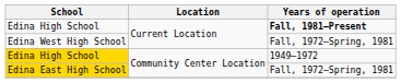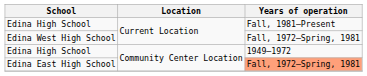 <table class="wikitable" style="margin: 1em auto 1em auto">
 <tr>
 <th>School</th>
 <th>Location</th>
 <th>Years of operation</th>
 </tr>
 <tr>
 <td>Edina High School</td>
 <td rowspan="2">Current Location</td>
-<td><strong>Fall, 1981–Present</strong></td>
+<td>Fall, 1981–Present</td>
 </tr>
 <tr>
 <td>Edina West High School</td>
 <td>Fall, 1972–Spring, 1981</td>
 </tr>
 <tr>
-<td style="background: gold;">Edina High School</td>
+<td>Edina High School</td>
 <td rowspan="2">Community Center Location</td>
 <td>1949–1972</td>
 </tr>
 <tr>
-<td style="background: gold;">Edina East High School</td>
-<td>Fall, 1972–Spring, 1981</td>
+<td>Edina East High School</td>
+<td style="background: lightsalmon;">Fall, 1972–Spring, 1981</td>
 </tr>
 <tr>
 </tr>
 </table>
